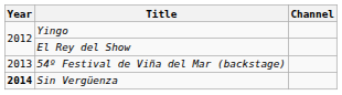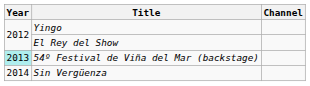 <table Class = "wikitable">
 <tr>
 <th>Year</th>
 <th>Title</th>
 <th>Channel</th>
 </tr>
 <tr>
 <td Rowspan = "2">2012</td>
 <td><em>Yingo</em></td>
 <td align = "center"></td>
 </tr>
 <tr>
 <td><em>El Rey del Show</em></td>
 <td align = "center"></td>
 </tr>
 <tr>
-<td>2013</td>
+<td style="background: paleturquoise;">2013</td>
 <td><em>54º Festival de Viña del Mar (backstage)</em></td>
 <td align = "center"></td>
 </tr>
 <tr>
-<td><strong>2014</strong></td>
+<td>2014</td>
 <td><em>Sin Vergüenza</em></td>
 <td align = "center"></td>
 </tr>
 </table>
